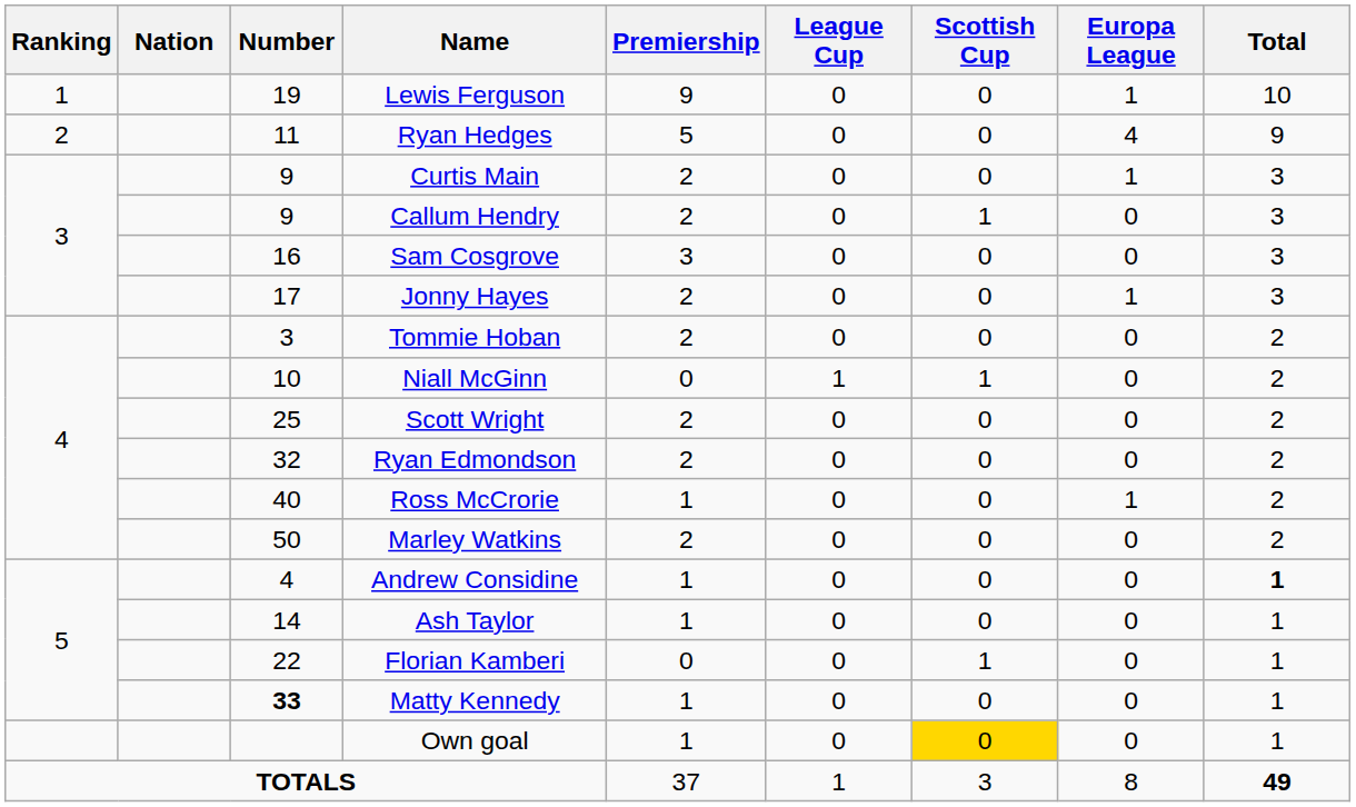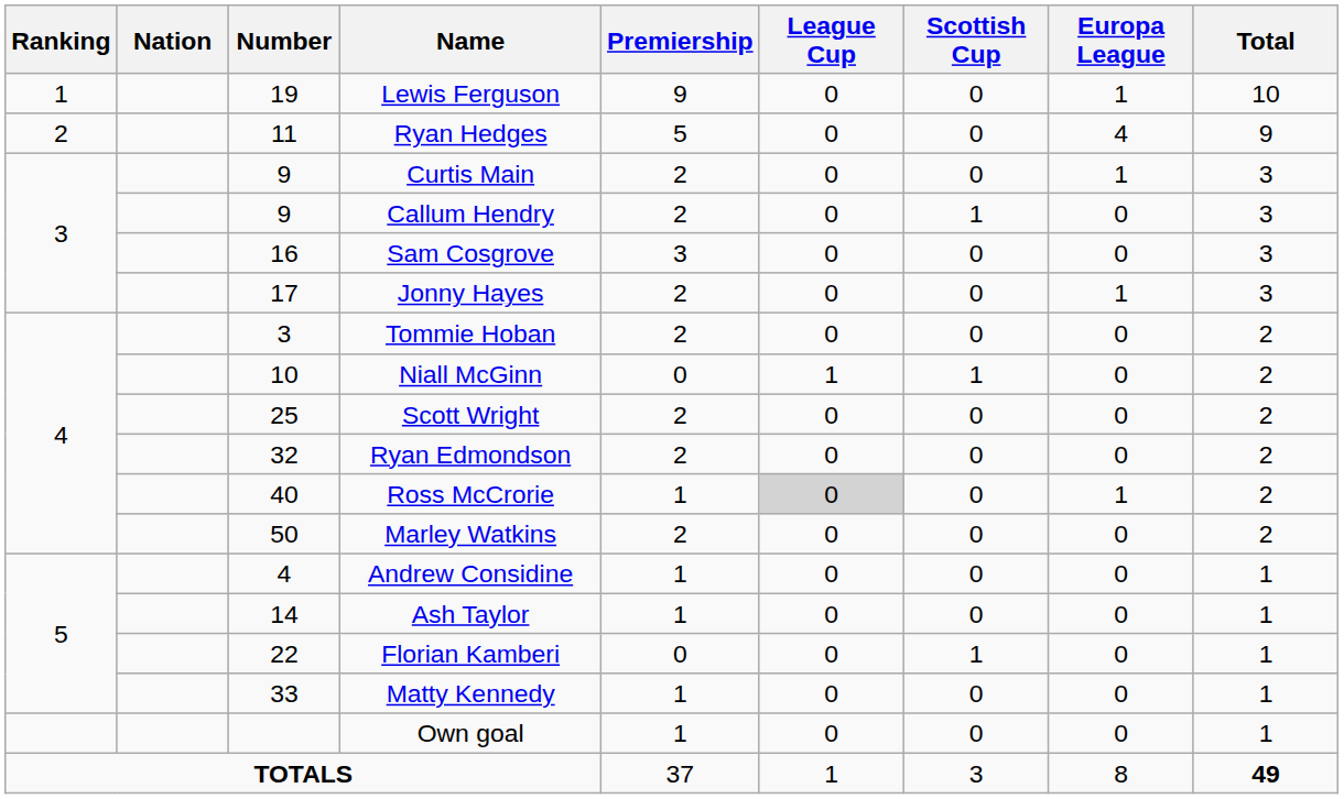 <table class="wikitable" style="font-size: 95%; text-align: center;">
 <tr>
 <th width=60>Ranking</th>
 <th width=60>Nation</th>
 <th width=60>Number</th>
 <th width=150>Name</th>
 <th width=80><a href='#'>Premiership</a></th>
 <th width=80><a href='#'>League Cup</a></th>
 <th width=80><a href='#'>Scottish Cup</a></th>
 <th width=80><a href='#'>Europa League</a></th>
 <th width=80>Total</th>
 </tr>
 <tr>
 <td>1</td>
 <td></td>
 <td>19</td>
 <td><a href='#'>Lewis Ferguson</a></td>
 <td>9</td>
 <td>0</td>
 <td>0</td>
 <td>1</td>
 <td>10</td>
 </tr>
 <tr>
 <td>2</td>
 <td></td>
 <td>11</td>
 <td><a href='#'>Ryan Hedges</a></td>
 <td>5</td>
 <td>0</td>
 <td>0</td>
 <td>4</td>
 <td>9</td>
 </tr>
 <tr>
 <td rowspan=4>3</td>
 <td></td>
 <td>9</td>
 <td><a href='#'>Curtis Main</a></td>
 <td>2</td>
 <td>0</td>
 <td>0</td>
 <td>1</td>
 <td>3</td>
 </tr>
 <tr>
 <td></td>
 <td>9</td>
 <td><a href='#'>Callum Hendry</a></td>
 <td>2</td>
 <td>0</td>
 <td>1</td>
 <td>0</td>
 <td>3</td>
 </tr>
 <tr>
 <td></td>
 <td>16</td>
 <td><a href='#'>Sam Cosgrove</a></td>
 <td>3</td>
 <td>0</td>
 <td>0</td>
 <td>0</td>
 <td>3</td>
 </tr>
 <tr>
 <td></td>
 <td>17</td>
 <td><a href='#'>Jonny Hayes</a></td>
 <td>2</td>
 <td>0</td>
 <td>0</td>
 <td>1</td>
 <td>3</td>
 </tr>
 <tr>
 <td rowspan=6>4</td>
 <td></td>
 <td>3</td>
 <td><a href='#'>Tommie Hoban</a></td>
 <td>2</td>
 <td>0</td>
 <td>0</td>
 <td>0</td>
 <td>2</td>
 </tr>
 <tr>
 <td></td>
 <td>10</td>
 <td><a href='#'>Niall McGinn</a></td>
 <td>0</td>
 <td>1</td>
 <td>1</td>
 <td>0</td>
 <td>2</td>
 </tr>
 <tr>
 <td></td>
 <td>25</td>
 <td><a href='#'>Scott Wright</a></td>
 <td>2</td>
 <td>0</td>
 <td>0</td>
 <td>0</td>
 <td>2</td>
 </tr>
 <tr>
 <td></td>
 <td>32</td>
 <td><a href='#'>Ryan Edmondson</a></td>
 <td>2</td>
 <td>0</td>
 <td>0</td>
 <td>0</td>
 <td>2</td>
 </tr>
 <tr>
 <td></td>
 <td>40</td>
 <td><a href='#'>Ross McCrorie</a></td>
 <td>1</td>
-<td>0</td>
+<td style="background: lightgrey;">0</td>
 <td>0</td>
 <td>1</td>
 <td>2</td>
 </tr>
 <tr>
 <td></td>
 <td>50</td>
 <td><a href='#'>Marley Watkins</a></td>
 <td>2</td>
 <td>0</td>
 <td>0</td>
 <td>0</td>
 <td>2</td>
 </tr>
 <tr>
 <td rowspan=4>5</td>
 <td></td>
 <td>4</td>
 <td><a href='#'>Andrew Considine</a></td>
 <td>1</td>
 <td>0</td>
 <td>0</td>
 <td>0</td>
-<td><strong>1</strong></td>
+<td>1</td>
 </tr>
 <tr>
 <td></td>
 <td>14</td>
 <td><a href='#'>Ash Taylor</a></td>
 <td>1</td>
 <td>0</td>
 <td>0</td>
 <td>0</td>
 <td>1</td>
 </tr>
 <tr>
 <td></td>
 <td>22</td>
 <td><a href='#'>Florian Kamberi</a></td>
 <td>0</td>
 <td>0</td>
 <td>1</td>
 <td>0</td>
 <td>1</td>
 </tr>
 <tr>
 <td></td>
-<td><strong>33</strong></td>
+<td>33</td>
 <td><a href='#'>Matty Kennedy</a></td>
 <td>1</td>
 <td>0</td>
 <td>0</td>
 <td>0</td>
 <td>1</td>
 </tr>
 <tr>
 <td></td>
 <td></td>
 <td></td>
 <td>Own goal</td>
 <td>1</td>
 <td>0</td>
-<td style="background: gold;">0</td>
+<td>0</td>
 <td>0</td>
 <td>1</td>
 </tr>
 <tr>
 <td colspan=4><strong>TOTALS</strong></td>
 <td>37</td>
 <td>1</td>
 <td>3</td>
 <td>8</td>
 <td><strong>49</strong></td>
 </tr>
 </table>
